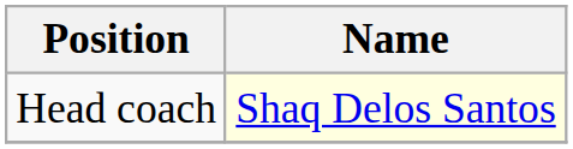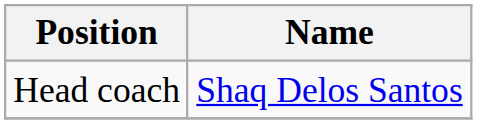 <table class="wikitable">
 <tr>
 <th>Position</th>
 <th>Name</th>
 </tr>
 <tr>
 <td>Head coach</td>
-<td style="background: lightyellow;"> <a href='#'>Shaq Delos Santos</a></td>
+<td> <a href='#'>Shaq Delos Santos</a></td>
 </tr>
 <tr>
 </tr>
 </table>
